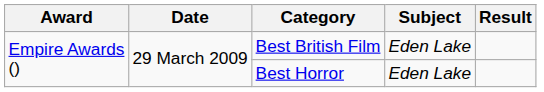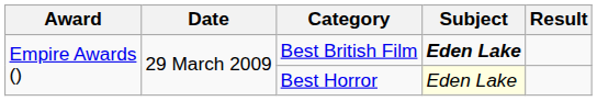 <table class="wikitable">
 <tr>
 <th>Award</th>
 <th>Date</th>
 <th>Category</th>
 <th>Subject</th>
 <th>Result</th>
 </tr>
 <tr>
 <td rowspan=2><a href='#'>Empire Awards</a><br>()</td>
 <td rowspan="2">29 March 2009</td>
 <td><a href='#'>Best British Film</a></td>
-<td><em>Eden Lake</em></td>
+<td><strong><em>Eden Lake</em></strong></td>
 <td></td>
 </tr>
 <tr>
 <td><a href='#'>Best Horror</a></td>
-<td><em>Eden Lake</em></td>
+<td style="background: lightyellow;"><em>Eden Lake</em></td>
 <td></td>
 </tr>
 </table>
